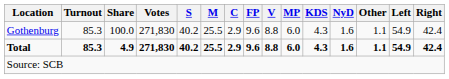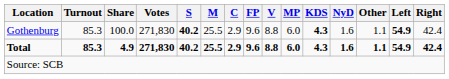 <table class="wikitable sortable" style=text-align:right>
 <tr>
 <th>Location</th>
 <th>Turnout</th>
 <th>Share</th>
 <th>Votes</th>
 <th><a href='#'>S</a></th>
 <th><a href='#'>M</a></th>
 <th><a href='#'>C</a></th>
 <th><a href='#'>FP</a></th>
 <th><a href='#'>V</a></th>
 <th><a href='#'>MP</a></th>
 <th><a href='#'>KDS</a></th>
 <th><a href='#'>NyD</a></th>
 <th>Other</th>
 <th>Left</th>
 <th>Right</th>
 </tr>
 <tr>
 <td align=left><a href='#'>Gothenburg</a></td>
 <td>85.3</td>
 <td>100.0</td>
 <td>271,830</td>
-<td>40.2</td>
+<td><strong>40.2</strong></td>
 <td>25.5</td>
 <td>2.9</td>
 <td>9.6</td>
 <td>8.8</td>
 <td>6.0</td>
-<td>4.3</td>
+<td><strong>4.3</strong></td>
 <td>1.6</td>
 <td>1.1</td>
-<td>54.9</td>
+<td><strong>54.9</strong></td>
 <td>42.4</td>
 </tr>
 <tr>
 <td align=left><strong>Total</strong></td>
 <td><strong>85.3</strong></td>
 <td><strong>4.9</strong></td>
 <td><strong>271,830</strong></td>
 <td><strong>40.2</strong></td>
 <td><strong>25.5</strong></td>
 <td><strong>2.9</strong></td>
 <td><strong>9.6</strong></td>
 <td><strong>8.8</strong></td>
 <td><strong>6.0</strong></td>
 <td><strong>4.3</strong></td>
 <td><strong>1.6</strong></td>
 <td><strong>1.1</strong></td>
 <td><strong>54.9</strong></td>
 <td><strong>42.4</strong></td>
 </tr>
 <tr>
 <td align=left colspan=15>Source: SCB </td>
 </tr>
 </table>
